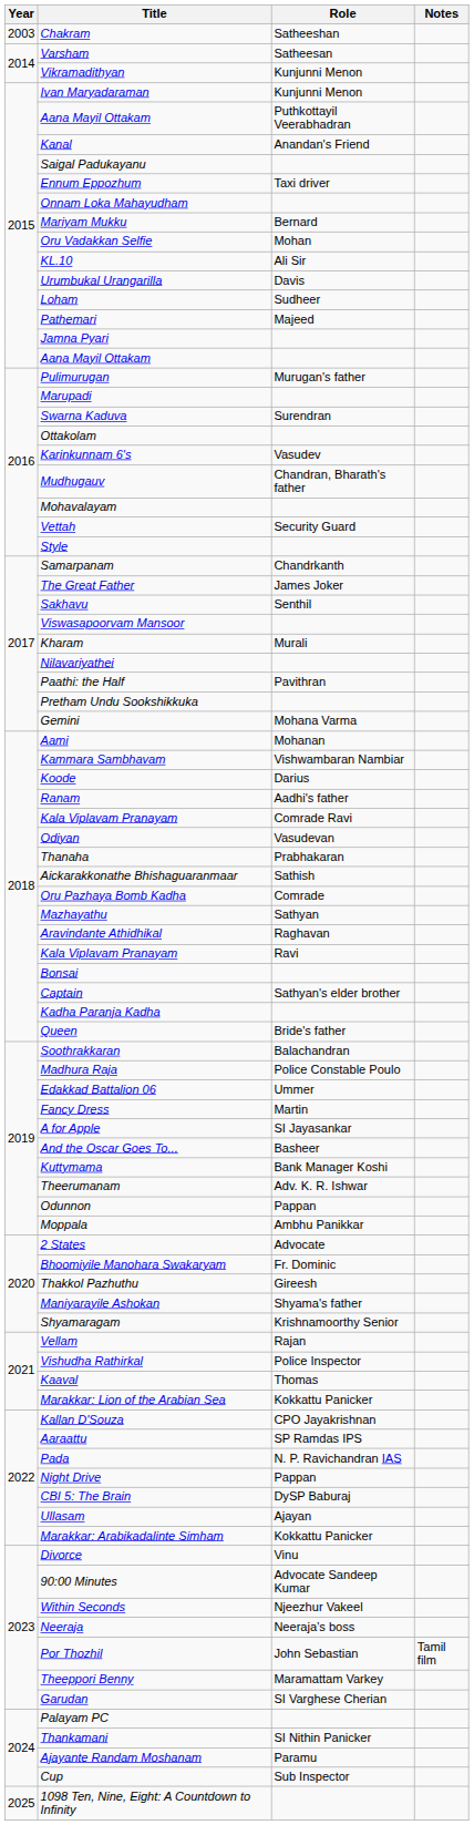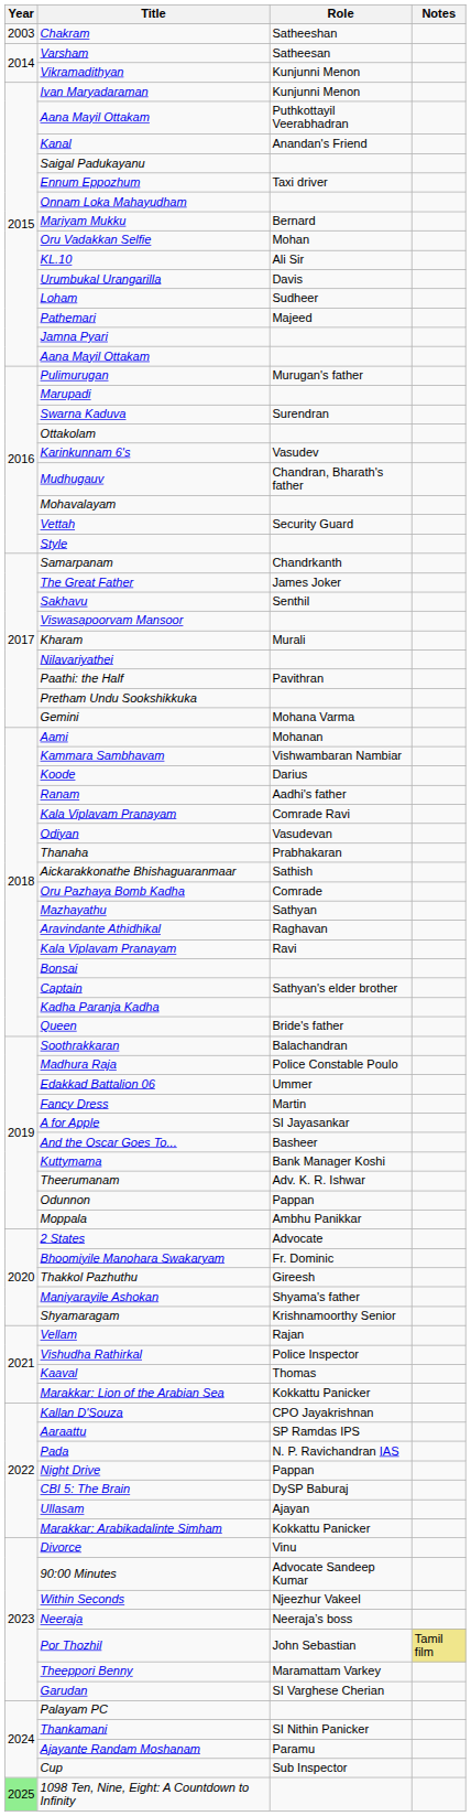 <table class="wikitable sortable">
 <tr>
 <th>Year</th>
 <th>Title</th>
 <th>Role</th>
 <th class="unsortable">Notes</th>
 </tr>
 <tr>
 <td>2003</td>
 <td><em><a href='#'>Chakram</a></em></td>
 <td>Satheeshan</td>
 <td></td>
 </tr>
 <tr>
 <td rowspan=2>2014</td>
 <td><em><a href='#'>Varsham</a></em></td>
 <td>Satheesan</td>
 <td></td>
 </tr>
 <tr>
 <td><em><a href='#'>Vikramadithyan</a></em></td>
 <td>Kunjunni Menon</td>
 <td></td>
 </tr>
 <tr>
 <td rowspan=14>2015</td>
 <td><em><a href='#'>Ivan Maryadaraman</a></em></td>
 <td>Kunjunni Menon</td>
 <td></td>
 </tr>
 <tr>
 <td><em><a href='#'>Aana Mayil Ottakam</a></em></td>
 <td>Puthkottayil Veerabhadran</td>
 <td></td>
 </tr>
 <tr>
 <td><em><a href='#'>Kanal</a></em></td>
 <td>Anandan's Friend</td>
 <td></td>
 </tr>
 <tr>
 <td><em>Saigal Padukayanu</em></td>
 <td></td>
 <td></td>
 </tr>
 <tr>
 <td><em><a href='#'>Ennum Eppozhum</a></em></td>
 <td>Taxi driver</td>
 <td></td>
 </tr>
 <tr>
 <td><em><a href='#'>Onnam Loka Mahayudham</a></em></td>
 <td></td>
 <td></td>
 </tr>
 <tr>
 <td><em><a href='#'>Mariyam Mukku</a></em></td>
 <td>Bernard</td>
 <td></td>
 </tr>
 <tr>
 <td><em><a href='#'>Oru Vadakkan Selfie</a></em></td>
 <td>Mohan</td>
 <td></td>
 </tr>
 <tr>
 <td><em><a href='#'>KL.10</a></em></td>
 <td>Ali Sir</td>
 <td></td>
 </tr>
 <tr>
 <td><em><a href='#'>Urumbukal Urangarilla</a></em></td>
 <td>Davis</td>
 <td></td>
 </tr>
 <tr>
 <td><em><a href='#'>Loham</a></em></td>
 <td>Sudheer</td>
 <td></td>
 </tr>
 <tr>
 <td><em><a href='#'>Pathemari</a></em></td>
 <td>Majeed</td>
 <td></td>
 </tr>
 <tr>
 <td><em><a href='#'>Jamna Pyari</a></em></td>
 <td></td>
 <td></td>
 </tr>
 <tr>
 <td><em><a href='#'>Aana Mayil Ottakam</a></em></td>
 <td></td>
 <td></td>
 </tr>
 <tr>
 <td rowspan=9>2016</td>
 <td><em><a href='#'>Pulimurugan</a></em></td>
 <td>Murugan's father</td>
 <td></td>
 </tr>
 <tr>
 <td><em><a href='#'>Marupadi</a></em></td>
 <td></td>
 <td></td>
 </tr>
 <tr>
 <td><em><a href='#'>Swarna Kaduva</a></em></td>
 <td>Surendran</td>
 <td></td>
 </tr>
 <tr>
 <td><em>Ottakolam</em></td>
 <td></td>
 <td></td>
 </tr>
 <tr>
 <td><em><a href='#'>Karinkunnam 6's</a></em></td>
 <td>Vasudev</td>
 <td></td>
 </tr>
 <tr>
 <td><em><a href='#'>Mudhugauv</a></em></td>
 <td>Chandran, Bharath's father</td>
 <td></td>
 </tr>
 <tr>
 <td><em>Mohavalayam</em></td>
 <td></td>
 <td></td>
 </tr>
 <tr>
 <td><em><a href='#'>Vettah</a></em></td>
 <td>Security Guard</td>
 <td></td>
 </tr>
 <tr>
 <td><em><a href='#'>Style</a></em></td>
 <td></td>
 <td></td>
 </tr>
 <tr>
 <td rowspan=9>2017</td>
 <td><em>Samarpanam</em></td>
 <td>Chandrkanth</td>
 <td></td>
 </tr>
 <tr>
 <td><em><a href='#'>The Great Father</a></em></td>
 <td>James  Joker</td>
 <td></td>
 </tr>
 <tr>
 <td><em><a href='#'>Sakhavu</a></em></td>
 <td>Senthil</td>
 <td></td>
 </tr>
 <tr>
 <td><em><a href='#'>Viswasapoorvam Mansoor</a></em></td>
 <td></td>
 <td></td>
 </tr>
 <tr>
 <td><em>Kharam</em></td>
 <td>Murali</td>
 <td></td>
 </tr>
 <tr>
 <td><em><a href='#'>Nilavariyathei</a></em></td>
 <td></td>
 <td></td>
 </tr>
 <tr>
 <td><em>Paathi: the Half</em></td>
 <td>Pavithran</td>
 <td></td>
 </tr>
 <tr>
 <td><em>Pretham Undu Sookshikkuka</em></td>
 <td></td>
 <td></td>
 </tr>
 <tr>
 <td><em>Gemini</em></td>
 <td>Mohana Varma</td>
 <td></td>
 </tr>
 <tr>
 <td rowspan="16">2018</td>
 <td><em><a href='#'>Aami</a></em></td>
 <td>Mohanan</td>
 <td></td>
 </tr>
 <tr>
 <td><em><a href='#'>Kammara Sambhavam</a></em></td>
 <td>Vishwambaran Nambiar</td>
 <td></td>
 </tr>
 <tr>
 <td><em><a href='#'>Koode</a></em></td>
 <td>Darius</td>
 <td></td>
 </tr>
 <tr>
 <td><em><a href='#'>Ranam</a></em></td>
 <td>Aadhi's father</td>
 <td></td>
 </tr>
 <tr>
 <td><em><a href='#'>Kala Viplavam Pranayam</a></em></td>
 <td>Comrade Ravi</td>
 <td></td>
 </tr>
 <tr>
 <td><em><a href='#'>Odiyan</a></em></td>
 <td>Vasudevan</td>
 <td></td>
 </tr>
 <tr>
 <td><em>Thanaha</em></td>
 <td>Prabhakaran</td>
 <td></td>
 </tr>
 <tr>
 <td><em>Aickarakkonathe Bhishaguaranmaar</em></td>
 <td>Sathish</td>
 <td></td>
 </tr>
 <tr>
 <td><em><a href='#'>Oru Pazhaya Bomb Kadha</a></em></td>
 <td>Comrade</td>
 <td></td>
 </tr>
 <tr>
 <td><em><a href='#'>Mazhayathu</a></em></td>
 <td>Sathyan</td>
 <td></td>
 </tr>
 <tr>
 <td><em><a href='#'>Aravindante Athidhikal</a></em></td>
 <td>Raghavan</td>
 <td></td>
 </tr>
 <tr>
 <td><em><a href='#'>Kala Viplavam Pranayam</a></em></td>
 <td>Ravi</td>
 <td></td>
 </tr>
 <tr>
 <td><em><a href='#'>Bonsai</a></em></td>
 <td></td>
 <td></td>
 </tr>
 <tr>
 <td><em><a href='#'>Captain</a></em></td>
 <td>Sathyan's elder brother</td>
 <td></td>
 </tr>
 <tr>
 <td><em><a href='#'>Kadha Paranja Kadha</a></em></td>
 <td></td>
 <td></td>
 </tr>
 <tr>
 <td><em><a href='#'>Queen</a></em></td>
 <td>Bride's father</td>
 <td></td>
 </tr>
 <tr>
 <td rowspan="10">2019</td>
 <td><em><a href='#'>Soothrakkaran</a></em></td>
 <td>Balachandran</td>
 <td></td>
 </tr>
 <tr>
 <td><em><a href='#'>Madhura Raja</a></em></td>
 <td>Police Constable Poulo</td>
 <td></td>
 </tr>
 <tr>
 <td><em><a href='#'>Edakkad Battalion 06</a></em></td>
 <td>Ummer</td>
 <td></td>
 </tr>
 <tr>
 <td><em><a href='#'>Fancy Dress</a></em></td>
 <td>Martin</td>
 <td></td>
 </tr>
 <tr>
 <td><em><a href='#'>A for Apple</a></em></td>
 <td>SI Jayasankar</td>
 <td></td>
 </tr>
 <tr>
 <td><em><a href='#'>And the Oscar Goes To...</a></em></td>
 <td>Basheer</td>
 <td></td>
 </tr>
 <tr>
 <td><em><a href='#'>Kuttymama</a></em></td>
 <td>Bank Manager Koshi</td>
 <td></td>
 </tr>
 <tr>
 <td><em>Theerumanam</em></td>
 <td>Adv. K. R. Ishwar</td>
 <td></td>
 </tr>
 <tr>
 <td><em>Odunnon</em></td>
 <td>Pappan</td>
 <td></td>
 </tr>
 <tr>
 <td><em>Moppala</em></td>
 <td>Ambhu Panikkar</td>
 <td></td>
 </tr>
 <tr>
 <td rowspan=5>2020</td>
 <td><em><a href='#'>2 States</a></em></td>
 <td>Advocate</td>
 <td></td>
 </tr>
 <tr>
 <td><em><a href='#'>Bhoomiyile Manohara Swakaryam</a></em></td>
 <td>Fr. Dominic</td>
 <td></td>
 </tr>
 <tr>
 <td><em>Thakkol Pazhuthu</em></td>
 <td>Gireesh</td>
 <td></td>
 </tr>
 <tr>
 <td><em><a href='#'>Maniyarayile Ashokan</a></em></td>
 <td>Shyama's father</td>
 <td></td>
 </tr>
 <tr>
 <td><em>Shyamaragam</em></td>
 <td>Krishnamoorthy Senior</td>
 <td></td>
 </tr>
 <tr>
 <td rowspan="4">2021</td>
 <td><a href='#'><em>Vellam</em></a></td>
 <td>Rajan</td>
 <td></td>
 </tr>
 <tr>
 <td><em><a href='#'>Vishudha Rathirkal</a></em></td>
 <td>Police Inspector</td>
 <td></td>
 </tr>
 <tr>
 <td><a href='#'><em>Kaaval</em></a></td>
 <td>Thomas</td>
 <td></td>
 </tr>
 <tr>
 <td><a href='#'><em>Marakkar: Lion of the Arabian Sea</em></a></td>
 <td>Kokkattu Panicker</td>
 <td></td>
 </tr>
 <tr>
 <td rowspan="7">2022</td>
 <td><em><a href='#'>Kallan D'Souza</a></em></td>
 <td>CPO Jayakrishnan</td>
 <td></td>
 </tr>
 <tr>
 <td><a href='#'><em>Aaraattu</em></a></td>
 <td>SP Ramdas IPS</td>
 <td></td>
 </tr>
 <tr>
 <td><em><a href='#'>Pada</a></em></td>
 <td>N. P. Ravichandran <a href='#'>IAS</a></td>
 <td></td>
 </tr>
 <tr>
 <td><em><a href='#'>Night Drive</a></em></td>
 <td>Pappan</td>
 <td></td>
 </tr>
 <tr>
 <td><a href='#'><em>CBI 5: The Brain</em></a></td>
 <td>DySP Baburaj</td>
 <td></td>
 </tr>
 <tr>
 <td><a href='#'><em>Ullasam</em></a></td>
 <td>Ajayan</td>
 <td></td>
 </tr>
 <tr>
 <td><em><a href='#'>Marakkar: Arabikadalinte Simham</a></em></td>
 <td>Kokkattu Panicker</td>
 <td></td>
 </tr>
 <tr>
 <td rowspan="7">2023</td>
 <td><em><a href='#'>Divorce</a></em></td>
 <td>Vinu</td>
 <td></td>
 </tr>
 <tr>
 <td><em>90:00 Minutes</em></td>
 <td>Advocate Sandeep Kumar</td>
 <td></td>
 </tr>
 <tr>
 <td><em><a href='#'>Within Seconds</a></em></td>
 <td>Njeezhur Vakeel</td>
 <td></td>
 </tr>
 <tr>
 <td><em><a href='#'>Neeraja</a></em></td>
 <td>Neeraja’s boss</td>
 <td></td>
 </tr>
 <tr>
 <td><em><a href='#'>Por Thozhil</a></em></td>
 <td>John Sebastian</td>
-<td>Tamil film</td>
+<td style="background: khaki;">Tamil film</td>
 </tr>
 <tr>
 <td><em><a href='#'>Theeppori Benny</a></em></td>
 <td>Maramattam Varkey</td>
 <td></td>
 </tr>
 <tr>
 <td><a href='#'><em>Garudan</em></a></td>
 <td>SI Varghese Cherian</td>
 <td></td>
 </tr>
 <tr>
 <td rowspan="4">2024</td>
 <td><em>Palayam PC</em></td>
 <td></td>
 <td></td>
 </tr>
 <tr>
 <td><em><a href='#'>Thankamani</a></em></td>
 <td>SI Nithin Panicker</td>
 <td></td>
 </tr>
 <tr>
 <td><a href='#'><em>Ajayante Randam Moshanam</em></a></td>
 <td>Paramu</td>
 <td></td>
 </tr>
 <tr>
 <td><em>Cup</em></td>
 <td>Sub Inspector</td>
 <td></td>
 </tr>
 <tr>
-<td>2025</td>
+<td style="background: lightgreen;">2025</td>
 <td><em>1098 Ten, Nine, Eight: A Countdown to Infinity</em></td>
 <td></td>
 <td></td>
 </tr>
 </table>
